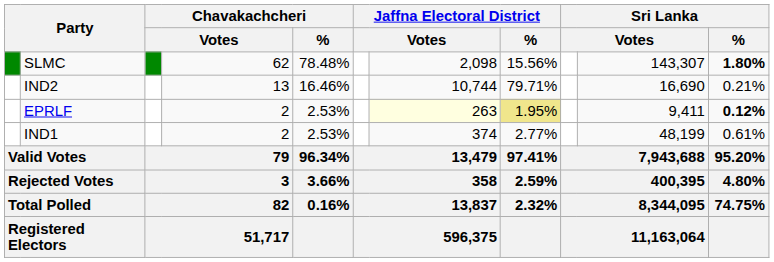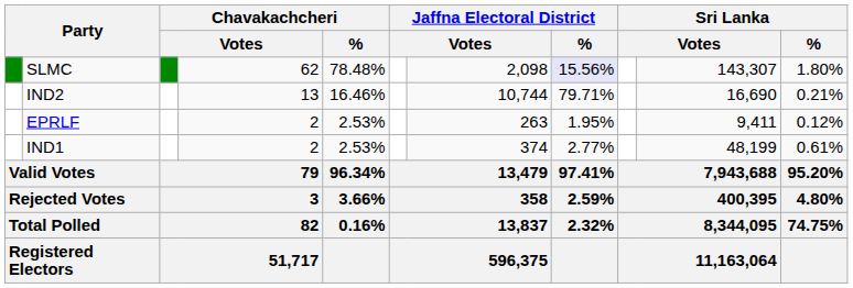 <table class="wikitable">
 <tr>
 <th colspan="2" width="144px"rowspan="2">Party</th>
 <th colspan="3" width="216px">Chavakachcheri</th>
 <th colspan="3" width="216px"><a href='#'>Jaffna Electoral District</a></th>
 <th colspan="3" width="216px">Sri Lanka</th>
 </tr>
 <tr>
 <th colspan="2" width="144px">Votes</th>
 <th>%</th>
 <th colspan="2" width="144px">Votes</th>
 <th>%</th>
 <th colspan="2" width="144px">Votes</th>
 <th>%</th>
 </tr>
 <tr>
 <td style="background-color:#008800;" width="10px"></td>
 <td style="text-align:left;">SLMC</td>
 <td style="background-color:#008800;" width="10px"></td>
 <td style="text-align:right;">62</td>
 <td style="text-align:right;">78.48%</td>
 <td style="background-color:white;" width="10px"></td>
 <td style="text-align:right;">2,098</td>
-<td style="text-align:right;">15.56%</td>
+<td style="background: lavender; text-align:right;">15.56%</td>
 <td style="background-color:white;" width="10px"></td>
 <td style="text-align:right;">143,307</td>
-<td style="text-align:right;"><strong>1.80%</strong></td>
+<td style="text-align:right;">1.80%</td>
 </tr>
 <tr>
 <td style="background-color:white;" width="10px"></td>
 <td style="text-align:left;">IND2</td>
 <td style="background-color:white;" width="10px"></td>
 <td style="text-align:right;">13</td>
 <td style="text-align:right;">16.46%</td>
 <td style="background-color:white;" width="10px"></td>
 <td style="text-align:right;">10,744</td>
 <td style="text-align:right;">79.71%</td>
 <td style="background-color:white;" width="10px"></td>
 <td style="text-align:right;">16,690</td>
 <td style="text-align:right;">0.21%</td>
 </tr>
 <tr>
 <td style="background-color:white;" width="10px"></td>
 <td style="text-align:left;"><a href='#'>EPRLF</a></td>
 <td style="background-color:white;" width="10px"></td>
 <td style="text-align:right;">2</td>
 <td style="text-align:right;">2.53%</td>
 <td style="background-color:white;" width="10px"></td>
-<td style="background: lightyellow; text-align:right;">263</td>
-<td style="background: khaki; text-align:right;">1.95%</td>
+<td style="text-align:right;">263</td>
+<td style="text-align:right;">1.95%</td>
 <td style="background-color:white;" width="10px"></td>
 <td style="text-align:right;">9,411</td>
-<td style="text-align:right;"><strong>0.12%</strong></td>
+<td style="text-align:right;">0.12%</td>
 </tr>
 <tr>
 <td style="background-color:white;" width="10px"></td>
 <td style="text-align:left;">IND1</td>
 <td style="background-color:white;" width="10px"></td>
 <td style="text-align:right;">2</td>
 <td style="text-align:right;">2.53%</td>
 <td style="background-color:white;" width="10px"></td>
 <td style="text-align:right;">374</td>
 <td style="text-align:right;">2.77%</td>
 <td style="background-color:white;" width="10px"></td>
 <td style="text-align:right;">48,199</td>
 <td style="text-align:right;">0.61%</td>
 </tr>
 <tr>
 <th colspan="2" width="144px"style="text-align:left;">Valid Votes</th>
 <th style="text-align:right;"colspan="2" width="144px">79</th>
 <th style="text-align:right;">96.34%</th>
 <th style="text-align:right;"colspan="2" width="144px">13,479</th>
 <th style="text-align:right;">97.41%</th>
 <th style="text-align:right;"colspan="2" width="144px">7,943,688</th>
 <th style="text-align:right;">95.20%</th>
 </tr>
 <tr>
 <th colspan="2" width="144px"style="text-align:left;">Rejected Votes</th>
 <th style="text-align:right;"colspan="2" width="144px">3</th>
 <th style="text-align:right;">3.66%</th>
 <th style="text-align:right;"colspan="2" width="144px">358</th>
 <th style="text-align:right;">2.59%</th>
 <th style="text-align:right;"colspan="2" width="144px">400,395</th>
 <th style="text-align:right;">4.80%</th>
 </tr>
 <tr>
 <th colspan="2" width="144px"style="text-align:left;">Total Polled</th>
 <th style="text-align:right;"colspan="2" width="144px">82</th>
 <th style="text-align:right;">0.16%</th>
 <th style="text-align:right;"colspan="2" width="144px">13,837</th>
 <th style="text-align:right;">2.32%</th>
 <th style="text-align:right;"colspan="2" width="144px">8,344,095</th>
 <th style="text-align:right;">74.75%</th>
 </tr>
 <tr>
 <th colspan="2" width="144px"style="text-align:left;">Registered Electors</th>
 <th style="text-align:right;"colspan="2" width="144px">51,717</th>
 <th></th>
 <th style="text-align:right;"colspan="2" width="144px">596,375</th>
 <th></th>
 <th style="text-align:right;"colspan="2" width="144px">11,163,064</th>
 <th></th>
 </tr>
 </table>
